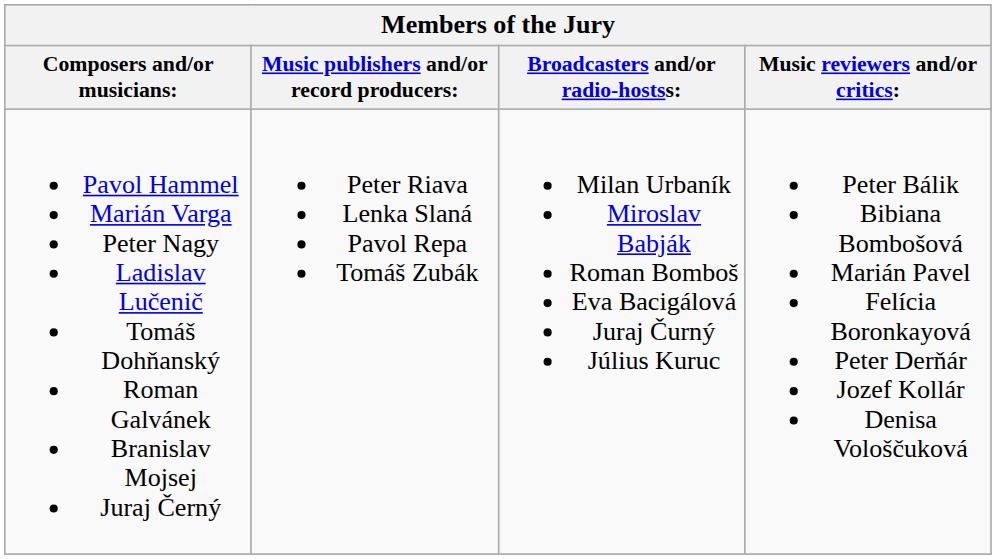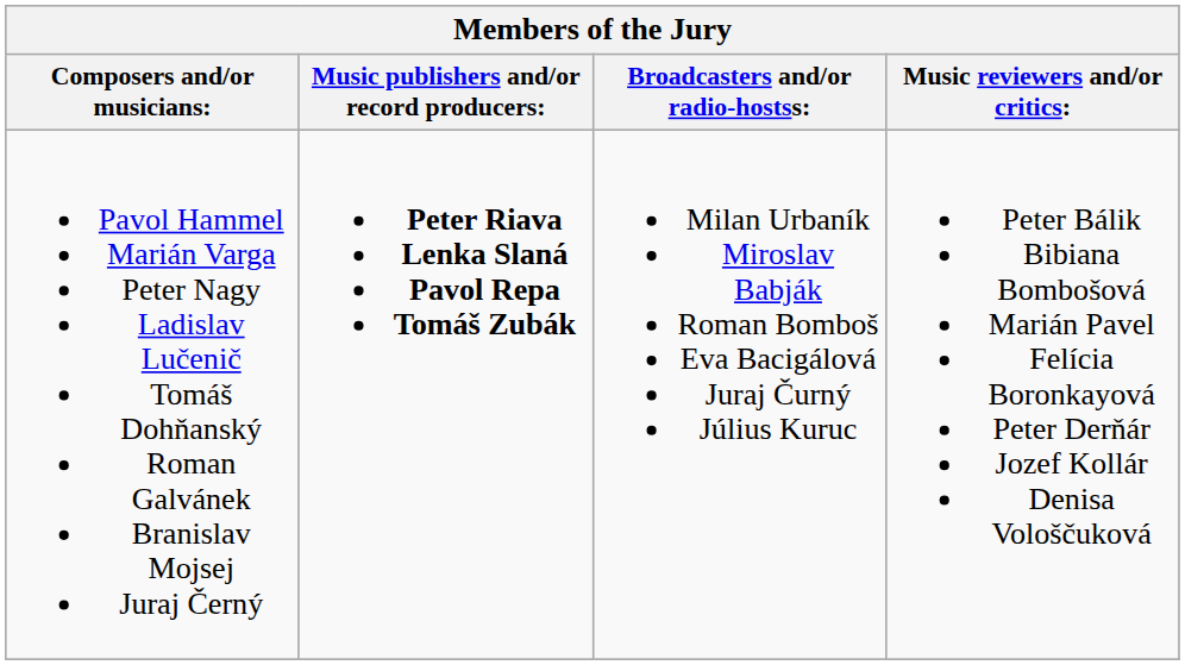 <table class="wikitable" style="text-align:center;">
 <tr>
 <th colspan="4">Members of the Jury</th>
 </tr>
 <tr style="font-size:smaller;">
 <th width="145" rowspan="1">Composers and/or musicians:</th>
 <th width="145" rowspan="1"><a href='#'>Music publishers</a> and/or record producers:</th>
 <th width="145" rowspan="1"><a href='#'>Broadcasters</a> and/or <a href='#'>radio-hosts</a>s:</th>
 <th width="145" rowspan="1">Music <a href='#'>reviewers</a> and/or <a href='#'>critics</a>:</th>
 </tr>
 <tr>
 <td valign=top><br><ul><li><a href='#'>Pavol Hammel</a></li><li><a href='#'>Marián Varga</a></li><li>Peter Nagy</li><li><a href='#'>Ladislav Lučenič</a></li><li>Tomáš Dohňanský</li><li>Roman Galvánek</li><li>Branislav Mojsej</li><li>Juraj Černý</li></ul></td>
-<td valign=top><br><ul><li>Peter Riava</li><li>Lenka Slaná</li><li>Pavol Repa</li><li>Tomáš Zubák</li></ul></td>
+<td valign=top><strong><br><ul><li>Peter Riava</li><li>Lenka Slaná</li><li>Pavol Repa</li><li>Tomáš Zubák</li></ul></strong></td>
 <td valign=top><br><ul><li>Milan Urbaník</li><li><a href='#'>Miroslav Babják</a></li><li>Roman Bomboš</li><li>Eva Bacigálová</li><li>Juraj Čurný</li><li>Július Kuruc</li></ul></td>
 <td valign=top><br><ul><li>Peter Bálik</li><li>Bibiana Bombošová</li><li>Marián Pavel</li><li>Felícia Boronkayová</li><li>Peter Derňár</li><li>Jozef Kollár</li><li>Denisa Vološčuková</li></ul></td>
 </tr>
 </table>
